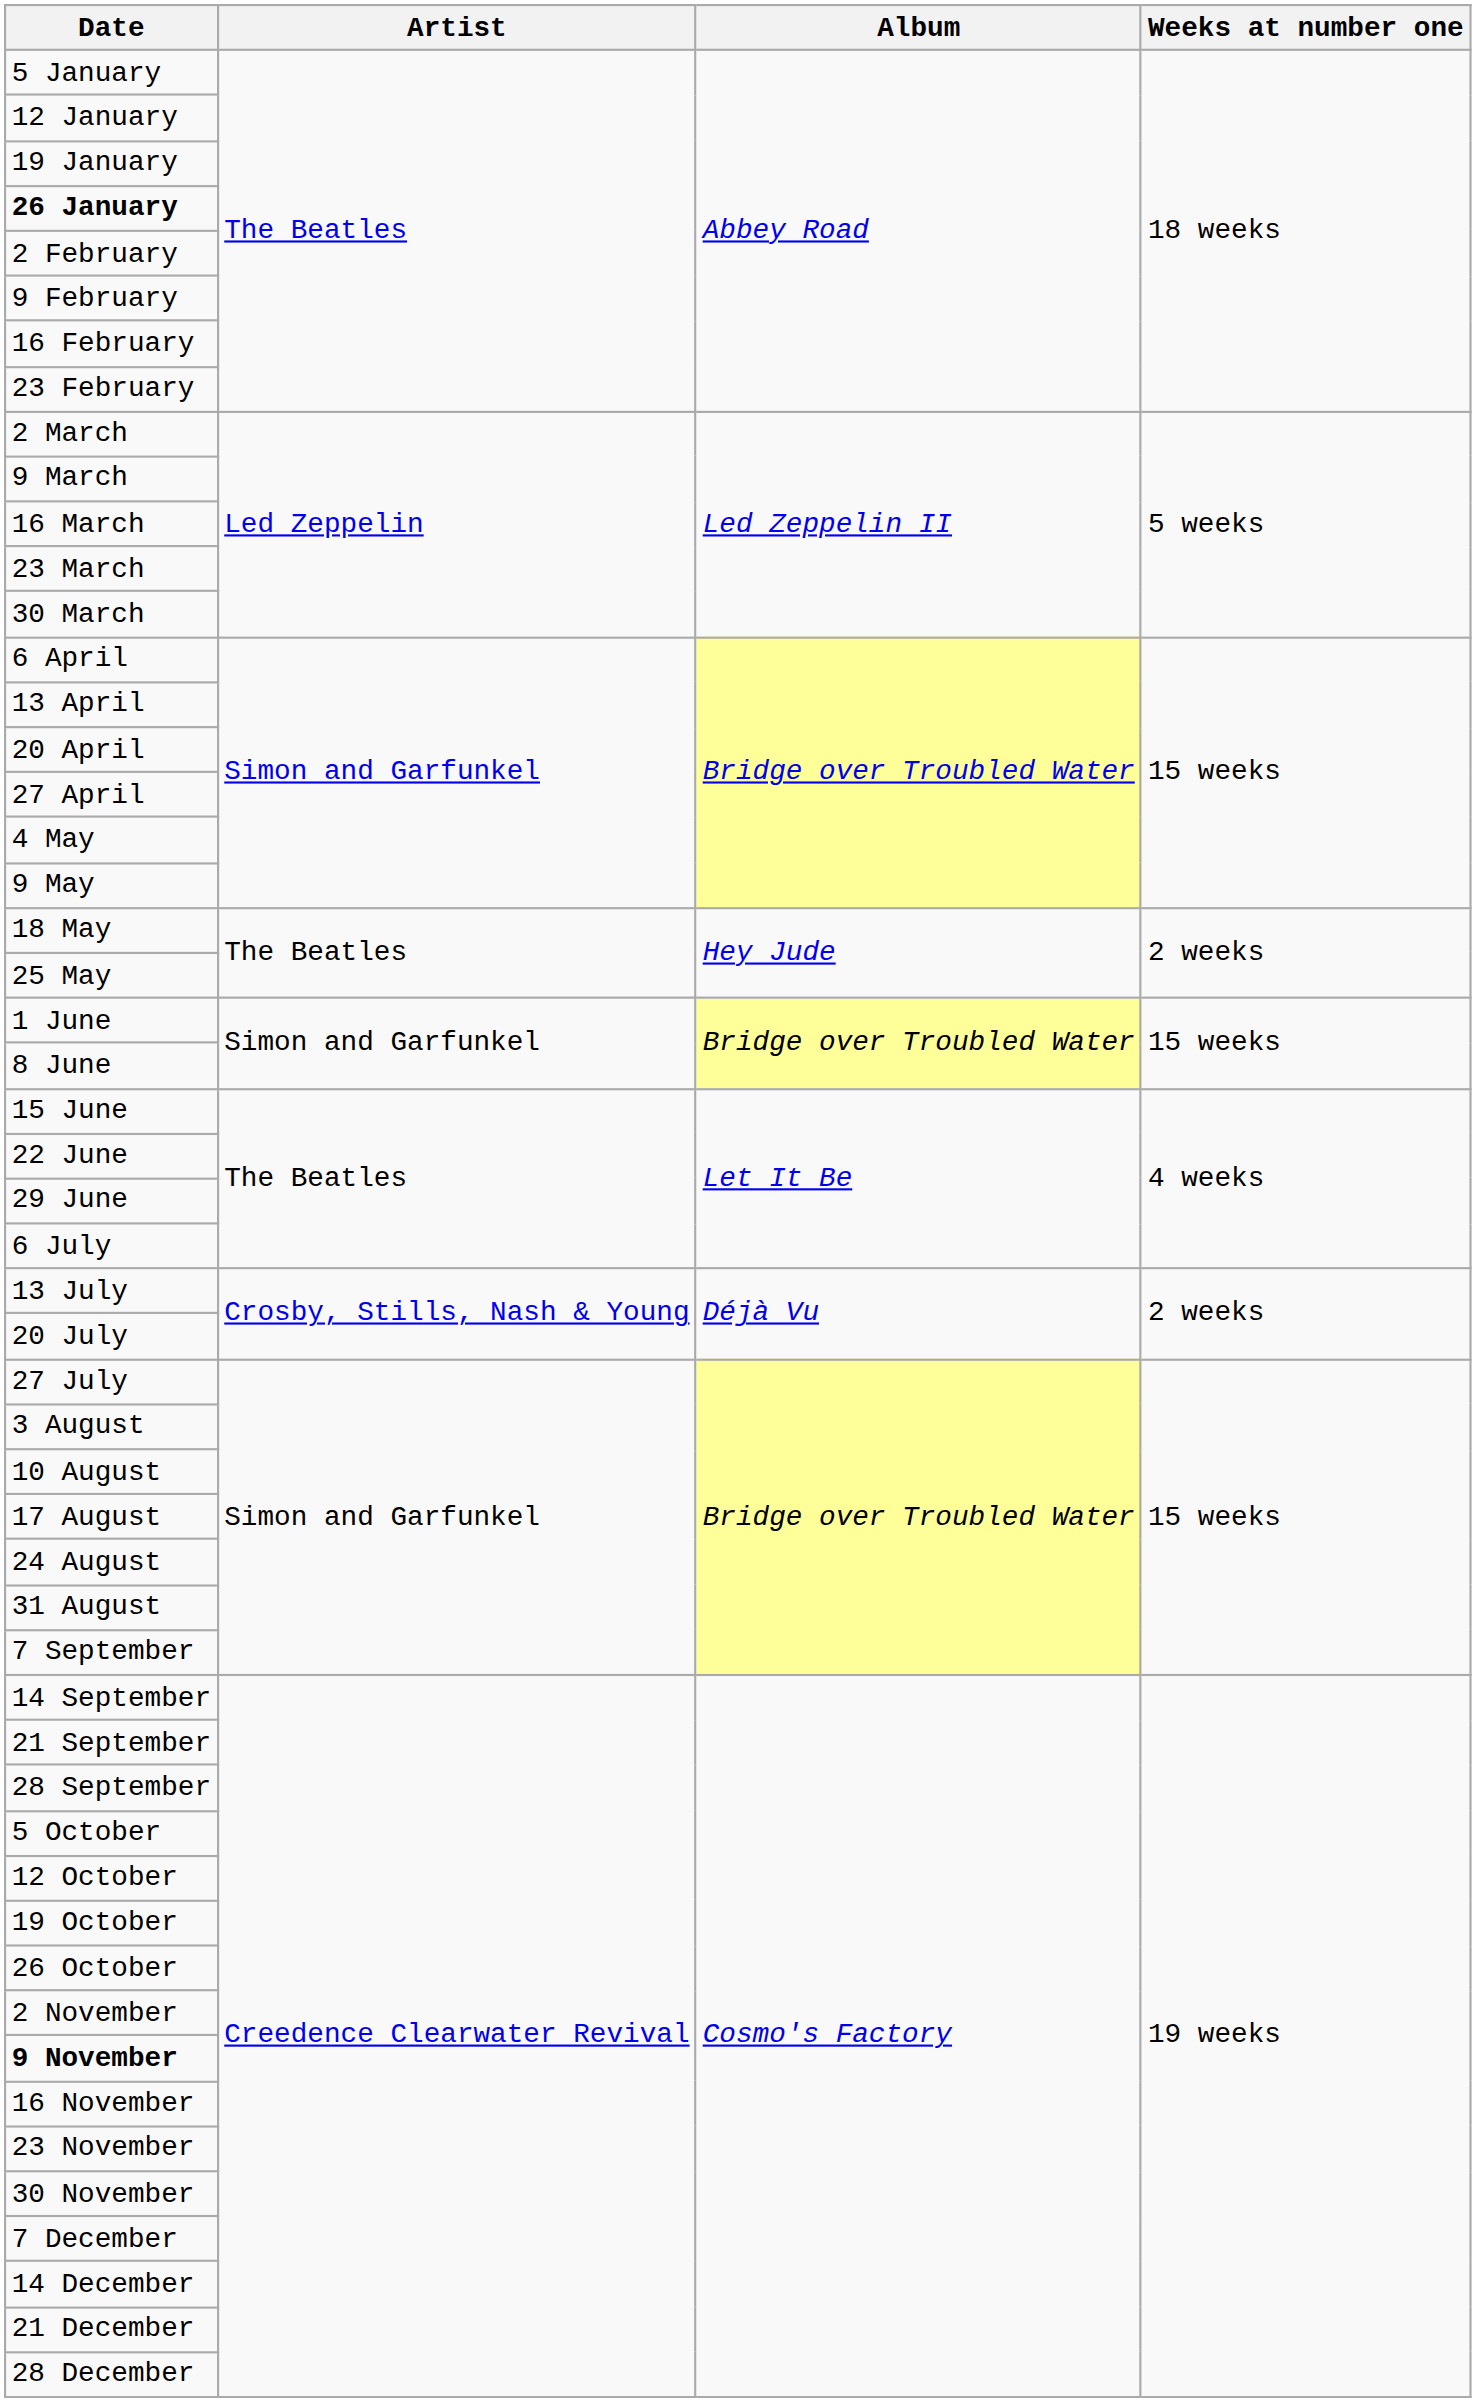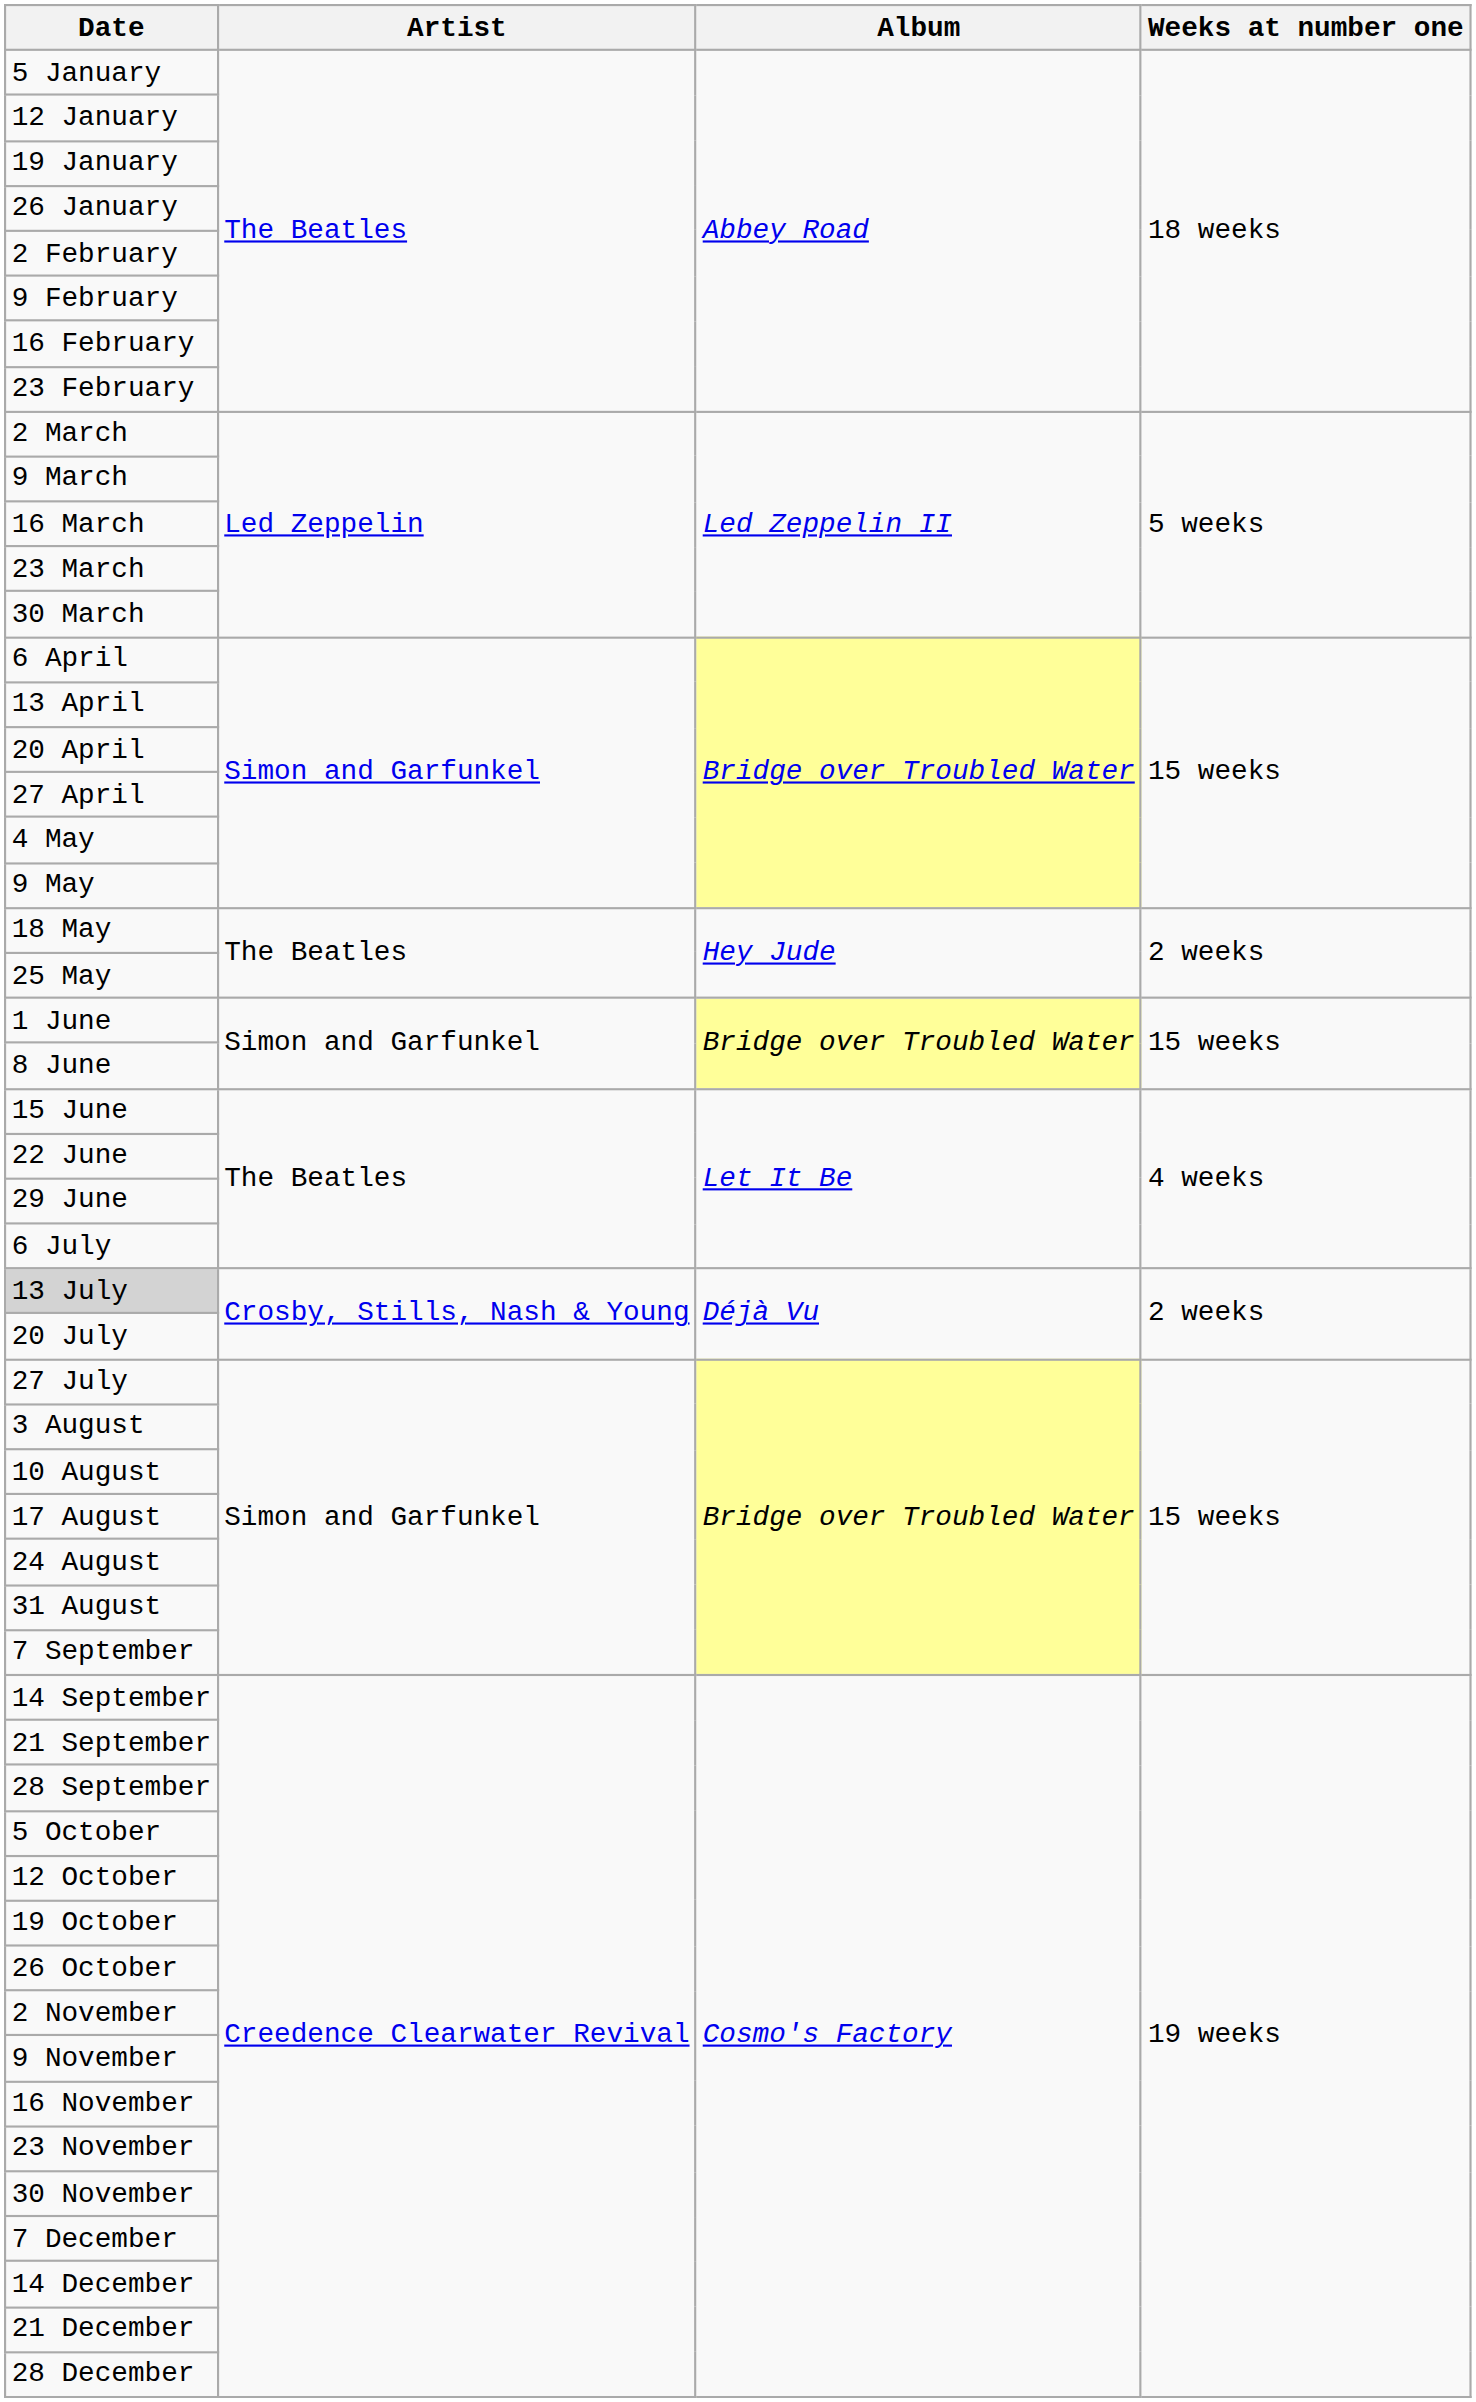 <table class="wikitable">
 <tr>
 <th>Date</th>
 <th>Artist</th>
 <th>Album</th>
 <th>Weeks at number one</th>
 </tr>
 <tr>
 <td>5 January</td>
 <td rowspan="8"><a href='#'>The Beatles</a></td>
 <td rowspan="8"><em><a href='#'>Abbey Road</a></em></td>
 <td rowspan="8">18 weeks</td>
 </tr>
 <tr>
 <td>12 January</td>
 </tr>
 <tr>
 <td>19 January</td>
 </tr>
 <tr>
-<td><strong>26 January</strong></td>
+<td>26 January</td>
 </tr>
 <tr>
 <td>2 February</td>
 </tr>
 <tr>
 <td>9 February</td>
 </tr>
 <tr>
 <td>16 February</td>
 </tr>
 <tr>
 <td>23 February</td>
 </tr>
 <tr>
 <td>2 March</td>
 <td rowspan="5"><a href='#'>Led Zeppelin</a></td>
 <td rowspan="5"><em><a href='#'>Led Zeppelin II</a></em></td>
 <td rowspan="5">5 weeks</td>
 </tr>
 <tr>
 <td>9 March</td>
 </tr>
 <tr>
 <td>16 March</td>
 </tr>
 <tr>
 <td>23 March</td>
 </tr>
 <tr>
 <td>30 March</td>
 </tr>
 <tr>
 <td>6 April</td>
 <td rowspan="6"><a href='#'>Simon and Garfunkel</a></td>
 <td bgcolor=#FFFF99 rowspan="6"><em><a href='#'>Bridge over Troubled Water</a></em></td>
 <td rowspan="6">15 weeks</td>
 </tr>
 <tr>
 <td>13 April</td>
 </tr>
 <tr>
 <td>20 April</td>
 </tr>
 <tr>
 <td>27 April</td>
 </tr>
 <tr>
 <td>4 May</td>
 </tr>
 <tr>
 <td>9 May</td>
 </tr>
 <tr>
 <td>18 May</td>
 <td rowspan="2">The Beatles</td>
 <td rowspan="2"><em><a href='#'>Hey Jude</a></em></td>
 <td rowspan="2">2 weeks</td>
 </tr>
 <tr>
 <td>25 May</td>
 </tr>
 <tr>
 <td>1 June</td>
 <td rowspan="2">Simon and Garfunkel</td>
 <td bgcolor=#FFFF99 rowspan="2"><em>Bridge over Troubled Water</em></td>
 <td rowspan="2">15 weeks</td>
 </tr>
 <tr>
 <td>8 June</td>
 </tr>
 <tr>
 <td>15 June</td>
 <td rowspan="4">The Beatles</td>
 <td rowspan="4"><em><a href='#'>Let It Be</a></em></td>
 <td rowspan="4">4 weeks</td>
 </tr>
 <tr>
 <td>22 June</td>
 </tr>
 <tr>
 <td>29 June</td>
 </tr>
 <tr>
 <td>6 July</td>
 </tr>
 <tr>
-<td>13 July</td>
+<td style="background: lightgrey;">13 July</td>
 <td rowspan="2"><a href='#'>Crosby, Stills, Nash & Young</a></td>
 <td rowspan="2"><em><a href='#'>Déjà Vu</a></em></td>
 <td rowspan="2">2 weeks</td>
 </tr>
 <tr>
 <td>20 July</td>
 </tr>
 <tr>
 <td>27 July</td>
 <td rowspan="7">Simon and Garfunkel</td>
 <td bgcolor=#FFFF99 rowspan="7"><em>Bridge over Troubled Water</em></td>
 <td rowspan="7">15 weeks</td>
 </tr>
 <tr>
 <td>3 August</td>
 </tr>
 <tr>
 <td>10 August</td>
 </tr>
 <tr>
 <td>17 August</td>
 </tr>
 <tr>
 <td>24 August</td>
 </tr>
 <tr>
 <td>31 August</td>
 </tr>
 <tr>
 <td>7 September</td>
 </tr>
 <tr>
 <td>14 September</td>
 <td rowspan="16"><a href='#'>Creedence Clearwater Revival</a></td>
 <td rowspan="16"><em><a href='#'>Cosmo's Factory</a></em></td>
 <td rowspan="16">19 weeks</td>
 </tr>
 <tr>
 <td>21 September</td>
 </tr>
 <tr>
 <td>28 September</td>
 </tr>
 <tr>
 <td>5 October</td>
 </tr>
 <tr>
 <td>12 October</td>
 </tr>
 <tr>
 <td>19 October</td>
 </tr>
 <tr>
 <td>26 October</td>
 </tr>
 <tr>
 <td>2 November</td>
 </tr>
 <tr>
-<td><strong>9 November</strong></td>
+<td>9 November</td>
 </tr>
 <tr>
 <td>16 November</td>
 </tr>
 <tr>
 <td>23 November</td>
 </tr>
 <tr>
 <td>30 November</td>
 </tr>
 <tr>
 <td>7 December</td>
 </tr>
 <tr>
 <td>14 December</td>
 </tr>
 <tr>
 <td>21 December</td>
 </tr>
 <tr>
 <td>28 December</td>
 </tr>
 </table>
